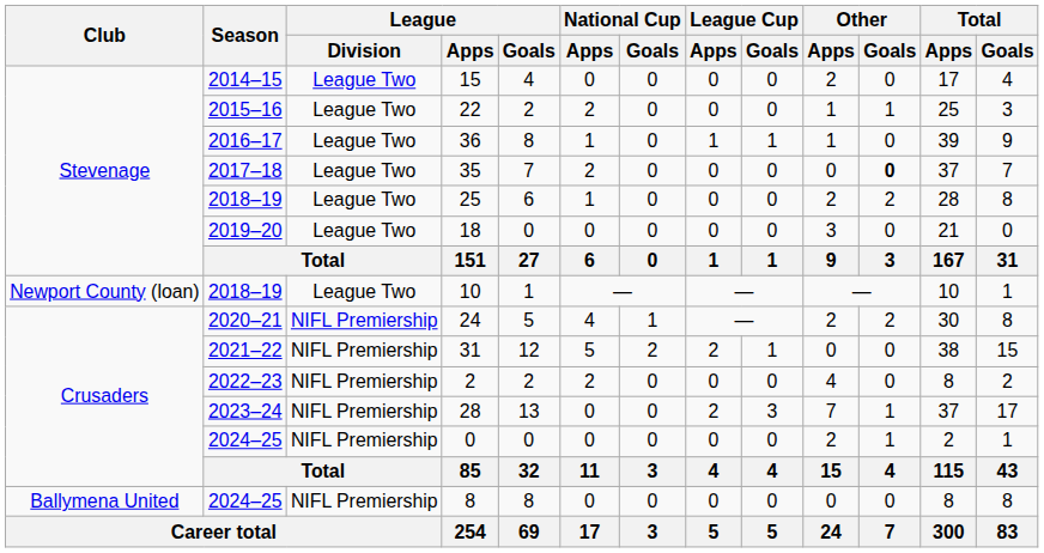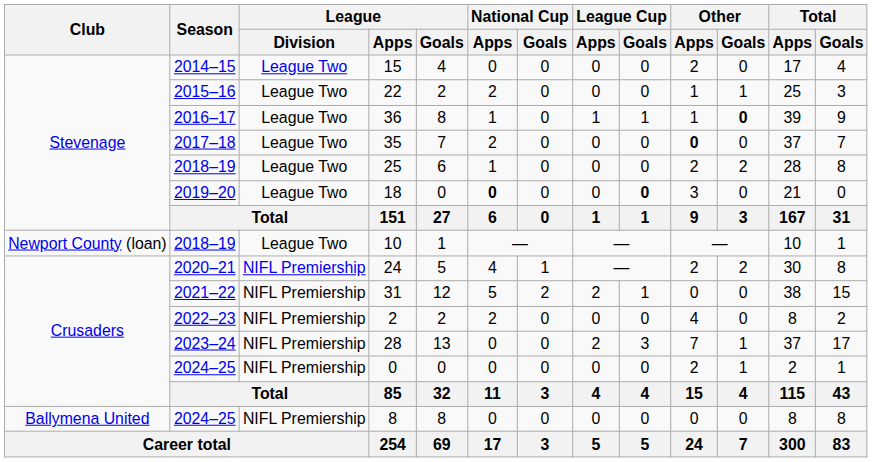 <table class=wikitable style=text-align:center>
 <tr>
 <th rowspan=2>Club</th>
 <th rowspan=2>Season</th>
 <th colspan=3>League</th>
 <th colspan=2>National Cup</th>
 <th colspan=2>League Cup</th>
 <th colspan=2>Other</th>
 <th colspan=2>Total</th>
 </tr>
 <tr>
 <th>Division</th>
 <th>Apps</th>
 <th>Goals</th>
 <th>Apps</th>
 <th>Goals</th>
 <th>Apps</th>
 <th>Goals</th>
 <th>Apps</th>
 <th>Goals</th>
 <th>Apps</th>
 <th>Goals</th>
 </tr>
 <tr>
 <td rowspan=7><a href='#'>Stevenage</a></td>
 <td><a href='#'>2014–15</a></td>
 <td><a href='#'>League Two</a></td>
 <td>15</td>
 <td>4</td>
 <td>0</td>
 <td>0</td>
 <td>0</td>
 <td>0</td>
 <td>2</td>
 <td>0</td>
 <td>17</td>
 <td>4</td>
 </tr>
 <tr>
 <td><a href='#'>2015–16</a></td>
 <td>League Two</td>
 <td>22</td>
 <td>2</td>
 <td>2</td>
 <td>0</td>
 <td>0</td>
 <td>0</td>
 <td>1</td>
 <td>1</td>
 <td>25</td>
 <td>3</td>
 </tr>
 <tr>
 <td><a href='#'>2016–17</a></td>
 <td>League Two</td>
 <td>36</td>
 <td>8</td>
 <td>1</td>
 <td>0</td>
 <td>1</td>
 <td>1</td>
 <td>1</td>
-<td>0</td>
+<td><strong>0</strong></td>
 <td>39</td>
 <td>9</td>
 </tr>
 <tr>
 <td><a href='#'>2017–18</a></td>
 <td>League Two</td>
 <td>35</td>
 <td>7</td>
 <td>2</td>
 <td>0</td>
 <td>0</td>
 <td>0</td>
+<td><strong>0</strong></td>
 <td>0</td>
-<td><strong>0</strong></td>
 <td>37</td>
 <td>7</td>
 </tr>
 <tr>
 <td><a href='#'>2018–19</a></td>
 <td>League Two</td>
 <td>25</td>
 <td>6</td>
 <td>1</td>
 <td>0</td>
 <td>0</td>
 <td>0</td>
 <td>2</td>
 <td>2</td>
 <td>28</td>
 <td>8</td>
 </tr>
 <tr>
 <td><a href='#'>2019–20</a></td>
 <td>League Two</td>
 <td>18</td>
 <td>0</td>
+<td><strong>0</strong></td>
 <td>0</td>
 <td>0</td>
-<td>0</td>
-<td>0</td>
+<td><strong>0</strong></td>
 <td>3</td>
 <td>0</td>
 <td>21</td>
 <td>0</td>
 </tr>
 <tr>
 <th colspan=2>Total</th>
 <th>151</th>
 <th>27</th>
 <th>6</th>
 <th>0</th>
 <th>1</th>
 <th>1</th>
 <th>9</th>
 <th>3</th>
 <th>167</th>
 <th>31</th>
 </tr>
 <tr>
 <td><a href='#'>Newport County</a> (loan)</td>
 <td><a href='#'>2018–19</a></td>
 <td>League Two</td>
 <td>10</td>
 <td>1</td>
 <td colspan=2>—</td>
 <td colspan=2>—</td>
 <td colspan=2>—</td>
 <td>10</td>
 <td>1</td>
 </tr>
 <tr>
 <td rowspan=6><a href='#'>Crusaders</a></td>
 <td><a href='#'>2020–21</a></td>
 <td><a href='#'>NIFL Premiership</a></td>
 <td>24</td>
 <td>5</td>
 <td>4</td>
 <td>1</td>
 <td colspan=2>—</td>
 <td>2</td>
 <td>2</td>
 <td>30</td>
 <td>8</td>
 </tr>
 <tr>
 <td><a href='#'>2021–22</a></td>
 <td>NIFL Premiership</td>
 <td>31</td>
 <td>12</td>
 <td>5</td>
 <td>2</td>
 <td>2</td>
 <td>1</td>
 <td>0</td>
 <td>0</td>
 <td>38</td>
 <td>15</td>
 </tr>
 <tr>
 <td><a href='#'>2022–23</a></td>
 <td>NIFL Premiership</td>
 <td>2</td>
 <td>2</td>
 <td>2</td>
 <td>0</td>
 <td>0</td>
 <td>0</td>
 <td>4</td>
 <td>0</td>
 <td>8</td>
 <td>2</td>
 </tr>
 <tr>
 <td><a href='#'>2023–24</a></td>
 <td>NIFL Premiership</td>
 <td>28</td>
 <td>13</td>
 <td>0</td>
 <td>0</td>
 <td>2</td>
 <td>3</td>
 <td>7</td>
 <td>1</td>
 <td>37</td>
 <td>17</td>
 </tr>
 <tr>
 <td><a href='#'>2024–25</a></td>
 <td>NIFL Premiership</td>
 <td>0</td>
 <td>0</td>
 <td>0</td>
 <td>0</td>
 <td>0</td>
 <td>0</td>
 <td>2</td>
 <td>1</td>
 <td>2</td>
 <td>1</td>
 </tr>
 <tr>
 <th colspan=2>Total</th>
 <th>85</th>
 <th>32</th>
 <th>11</th>
 <th>3</th>
 <th>4</th>
 <th>4</th>
 <th>15</th>
 <th>4</th>
 <th>115</th>
 <th>43</th>
 </tr>
 <tr>
 <td><a href='#'>Ballymena United</a></td>
 <td><a href='#'>2024–25</a></td>
 <td>NIFL Premiership</td>
 <td>8</td>
 <td>8</td>
 <td>0</td>
 <td>0</td>
 <td>0</td>
 <td>0</td>
 <td>0</td>
 <td>0</td>
 <td>8</td>
 <td>8</td>
 </tr>
 <tr>
 <th colspan=3>Career total</th>
 <th>254</th>
 <th>69</th>
 <th>17</th>
 <th>3</th>
 <th>5</th>
 <th>5</th>
 <th>24</th>
 <th>7</th>
 <th>300</th>
 <th>83</th>
 </tr>
 </table>
